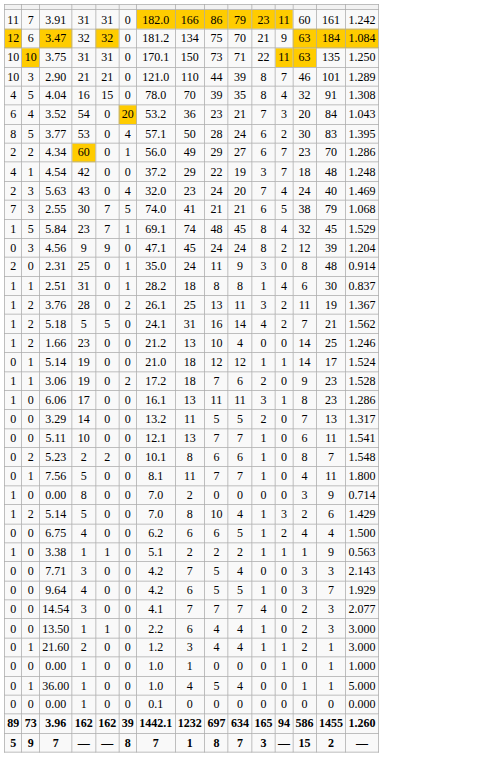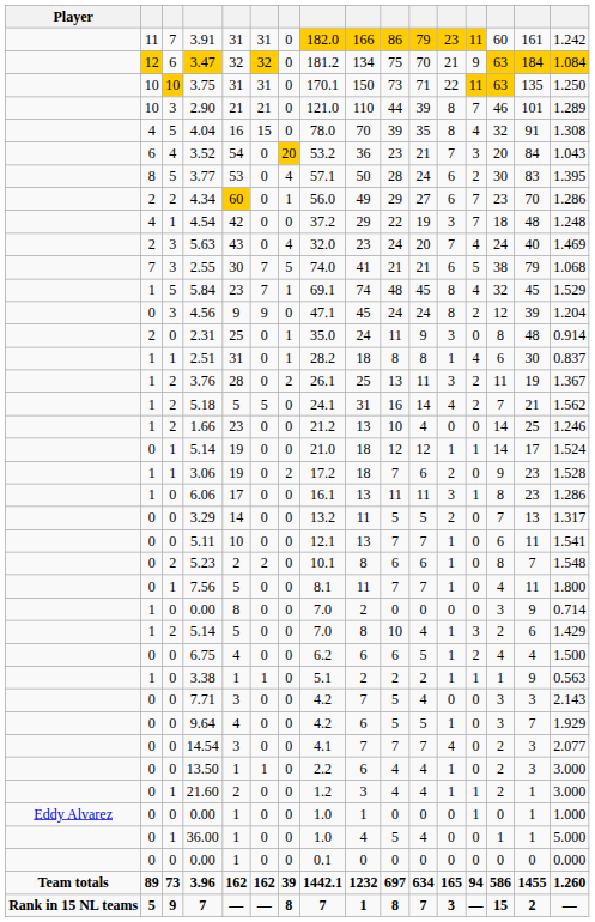 <table class="wikitable sortable">
 <tr>
+<th>Player</th>
 <th></th>
 <th></th>
 <th></th>
 <th></th>
 <th></th>
 <th></th>
 <th></th>
 <th></th>
 <th></th>
 <th></th>
 <th></th>
 <th></th>
 <th></th>
 <th></th>
 <th></th>
 </tr>
 <tr align=center>
+<td></td>
 <td>11</td>
 <td>7</td>
 <td>3.91</td>
 <td>31</td>
 <td>31</td>
 <td>0</td>
 <td bgcolor=#ffcc00>182.0</td>
 <td bgcolor=#ffcc00>166</td>
 <td bgcolor=#ffcc00>86</td>
 <td bgcolor=#ffcc00>79</td>
 <td bgcolor=#ffcc00>23</td>
 <td bgcolor=#ffcc00>11</td>
 <td>60</td>
 <td>161</td>
 <td>1.242</td>
 </tr>
 <tr align=center>
+<td></td>
 <td bgcolor=#ffcc00>12</td>
 <td>6</td>
 <td bgcolor=#ffcc00>3.47</td>
 <td>32</td>
 <td bgcolor=#ffcc00>32</td>
 <td>0</td>
 <td>181.2</td>
 <td>134</td>
 <td>75</td>
 <td>70</td>
 <td>21</td>
 <td>9</td>
 <td bgcolor=#ffcc00>63</td>
 <td bgcolor=#ffcc00>184</td>
 <td bgcolor=ffcc00>1.084</td>
 </tr>
 <tr align=center>
+<td></td>
 <td>10</td>
 <td bgcolor=#ffcc00>10</td>
 <td>3.75</td>
 <td>31</td>
 <td>31</td>
 <td>0</td>
 <td>170.1</td>
 <td>150</td>
 <td>73</td>
 <td>71</td>
 <td>22</td>
 <td bgcolor=#ffcc00>11</td>
 <td bgcolor=#ffcc00>63</td>
 <td>135</td>
 <td>1.250</td>
 </tr>
 <tr align=center>
+<td></td>
 <td>10</td>
 <td>3</td>
 <td>2.90</td>
 <td>21</td>
 <td>21</td>
 <td>0</td>
 <td>121.0</td>
 <td>110</td>
 <td>44</td>
 <td>39</td>
 <td>8</td>
 <td>7</td>
 <td>46</td>
 <td>101</td>
 <td>1.289</td>
 </tr>
 <tr align=center>
+<td></td>
 <td>4</td>
 <td>5</td>
 <td>4.04</td>
 <td>16</td>
 <td>15</td>
 <td>0</td>
 <td>78.0</td>
 <td>70</td>
 <td>39</td>
 <td>35</td>
 <td>8</td>
 <td>4</td>
 <td>32</td>
 <td>91</td>
 <td>1.308</td>
 </tr>
 <tr align=center>
+<td></td>
 <td>6</td>
 <td>4</td>
 <td>3.52</td>
 <td>54</td>
 <td>0</td>
 <td bgcolor=#ffcc00>20</td>
 <td>53.2</td>
 <td>36</td>
 <td>23</td>
 <td>21</td>
 <td>7</td>
 <td>3</td>
 <td>20</td>
 <td>84</td>
 <td>1.043</td>
 </tr>
 <tr align=center>
+<td></td>
 <td>8</td>
 <td>5</td>
 <td>3.77</td>
 <td>53</td>
 <td>0</td>
 <td>4</td>
 <td>57.1</td>
 <td>50</td>
 <td>28</td>
 <td>24</td>
 <td>6</td>
 <td>2</td>
 <td>30</td>
 <td>83</td>
 <td>1.395</td>
 </tr>
 <tr align=center>
+<td></td>
 <td>2</td>
 <td>2</td>
 <td>4.34</td>
 <td bgcolor=#ffcc00>60</td>
 <td>0</td>
 <td>1</td>
 <td>56.0</td>
 <td>49</td>
 <td>29</td>
 <td>27</td>
 <td>6</td>
 <td>7</td>
 <td>23</td>
 <td>70</td>
 <td>1.286</td>
 </tr>
 <tr align=center>
+<td></td>
 <td>4</td>
 <td>1</td>
 <td>4.54</td>
 <td>42</td>
 <td>0</td>
 <td>0</td>
 <td>37.2</td>
 <td>29</td>
 <td>22</td>
 <td>19</td>
 <td>3</td>
 <td>7</td>
 <td>18</td>
 <td>48</td>
 <td>1.248</td>
 </tr>
 <tr align=center>
+<td></td>
 <td>2</td>
 <td>3</td>
 <td>5.63</td>
 <td>43</td>
 <td>0</td>
 <td>4</td>
 <td>32.0</td>
 <td>23</td>
 <td>24</td>
 <td>20</td>
 <td>7</td>
 <td>4</td>
 <td>24</td>
 <td>40</td>
 <td>1.469</td>
 </tr>
 <tr align=center>
+<td></td>
 <td>7</td>
 <td>3</td>
 <td>2.55</td>
 <td>30</td>
 <td>7</td>
 <td>5</td>
 <td>74.0</td>
 <td>41</td>
 <td>21</td>
 <td>21</td>
 <td>6</td>
 <td>5</td>
 <td>38</td>
 <td>79</td>
 <td>1.068</td>
 </tr>
 <tr align=center>
+<td></td>
 <td>1</td>
 <td>5</td>
 <td>5.84</td>
 <td>23</td>
 <td>7</td>
 <td>1</td>
 <td>69.1</td>
 <td>74</td>
 <td>48</td>
 <td>45</td>
 <td>8</td>
 <td>4</td>
 <td>32</td>
 <td>45</td>
 <td>1.529</td>
 </tr>
 <tr align=center>
+<td></td>
 <td>0</td>
 <td>3</td>
 <td>4.56</td>
 <td>9</td>
 <td>9</td>
 <td>0</td>
 <td>47.1</td>
 <td>45</td>
 <td>24</td>
 <td>24</td>
 <td>8</td>
 <td>2</td>
 <td>12</td>
 <td>39</td>
 <td>1.204</td>
 </tr>
 <tr align=center>
+<td></td>
 <td>2</td>
 <td>0</td>
 <td>2.31</td>
 <td>25</td>
 <td>0</td>
 <td>1</td>
 <td>35.0</td>
 <td>24</td>
 <td>11</td>
 <td>9</td>
 <td>3</td>
 <td>0</td>
 <td>8</td>
 <td>48</td>
 <td>0.914</td>
 </tr>
 <tr align=center>
+<td></td>
 <td>1</td>
 <td>1</td>
 <td>2.51</td>
 <td>31</td>
 <td>0</td>
 <td>1</td>
 <td>28.2</td>
 <td>18</td>
 <td>8</td>
 <td>8</td>
 <td>1</td>
 <td>4</td>
 <td>6</td>
 <td>30</td>
 <td>0.837</td>
 </tr>
 <tr align=center>
+<td></td>
 <td>1</td>
 <td>2</td>
 <td>3.76</td>
 <td>28</td>
 <td>0</td>
 <td>2</td>
 <td>26.1</td>
 <td>25</td>
 <td>13</td>
 <td>11</td>
 <td>3</td>
 <td>2</td>
 <td>11</td>
 <td>19</td>
 <td>1.367</td>
 </tr>
 <tr align=center>
+<td></td>
 <td>1</td>
 <td>2</td>
 <td>5.18</td>
 <td>5</td>
 <td>5</td>
 <td>0</td>
 <td>24.1</td>
 <td>31</td>
 <td>16</td>
 <td>14</td>
 <td>4</td>
 <td>2</td>
 <td>7</td>
 <td>21</td>
 <td>1.562</td>
 </tr>
 <tr align=center>
+<td></td>
 <td>1</td>
 <td>2</td>
 <td>1.66</td>
 <td>23</td>
 <td>0</td>
 <td>0</td>
 <td>21.2</td>
 <td>13</td>
 <td>10</td>
 <td>4</td>
 <td>0</td>
 <td>0</td>
 <td>14</td>
 <td>25</td>
 <td>1.246</td>
 </tr>
 <tr align=center>
+<td></td>
 <td>0</td>
 <td>1</td>
 <td>5.14</td>
 <td>19</td>
 <td>0</td>
 <td>0</td>
 <td>21.0</td>
 <td>18</td>
 <td>12</td>
 <td>12</td>
 <td>1</td>
 <td>1</td>
 <td>14</td>
 <td>17</td>
 <td>1.524</td>
 </tr>
 <tr align=center>
+<td></td>
 <td>1</td>
 <td>1</td>
 <td>3.06</td>
 <td>19</td>
 <td>0</td>
 <td>2</td>
 <td>17.2</td>
 <td>18</td>
 <td>7</td>
 <td>6</td>
 <td>2</td>
 <td>0</td>
 <td>9</td>
 <td>23</td>
 <td>1.528</td>
 </tr>
 <tr align=center>
+<td></td>
 <td>1</td>
 <td>0</td>
 <td>6.06</td>
 <td>17</td>
 <td>0</td>
 <td>0</td>
 <td>16.1</td>
 <td>13</td>
 <td>11</td>
 <td>11</td>
 <td>3</td>
 <td>1</td>
 <td>8</td>
 <td>23</td>
 <td>1.286</td>
 </tr>
 <tr align=center>
+<td></td>
 <td>0</td>
 <td>0</td>
 <td>3.29</td>
 <td>14</td>
 <td>0</td>
 <td>0</td>
 <td>13.2</td>
 <td>11</td>
 <td>5</td>
 <td>5</td>
 <td>2</td>
 <td>0</td>
 <td>7</td>
 <td>13</td>
 <td>1.317</td>
 </tr>
 <tr align=center>
+<td></td>
 <td>0</td>
 <td>0</td>
 <td>5.11</td>
 <td>10</td>
 <td>0</td>
 <td>0</td>
 <td>12.1</td>
 <td>13</td>
 <td>7</td>
 <td>7</td>
 <td>1</td>
 <td>0</td>
 <td>6</td>
 <td>11</td>
 <td>1.541</td>
 </tr>
 <tr align=center>
+<td></td>
 <td>0</td>
 <td>2</td>
 <td>5.23</td>
 <td>2</td>
 <td>2</td>
 <td>0</td>
 <td>10.1</td>
 <td>8</td>
 <td>6</td>
 <td>6</td>
 <td>1</td>
 <td>0</td>
 <td>8</td>
 <td>7</td>
 <td>1.548</td>
 </tr>
 <tr align=center>
+<td></td>
 <td>0</td>
 <td>1</td>
 <td>7.56</td>
 <td>5</td>
 <td>0</td>
 <td>0</td>
 <td>8.1</td>
 <td>11</td>
 <td>7</td>
 <td>7</td>
 <td>1</td>
 <td>0</td>
 <td>4</td>
 <td>11</td>
 <td>1.800</td>
 </tr>
 <tr align=center>
+<td></td>
 <td>1</td>
 <td>0</td>
 <td>0.00</td>
 <td>8</td>
 <td>0</td>
 <td>0</td>
 <td>7.0</td>
 <td>2</td>
 <td>0</td>
 <td>0</td>
 <td>0</td>
 <td>0</td>
 <td>3</td>
 <td>9</td>
 <td>0.714</td>
 </tr>
 <tr align=center>
+<td></td>
 <td>1</td>
 <td>2</td>
 <td>5.14</td>
 <td>5</td>
 <td>0</td>
 <td>0</td>
 <td>7.0</td>
 <td>8</td>
 <td>10</td>
 <td>4</td>
 <td>1</td>
 <td>3</td>
 <td>2</td>
 <td>6</td>
 <td>1.429</td>
 </tr>
 <tr align=center>
+<td></td>
 <td>0</td>
 <td>0</td>
 <td>6.75</td>
 <td>4</td>
 <td>0</td>
 <td>0</td>
 <td>6.2</td>
 <td>6</td>
 <td>6</td>
 <td>5</td>
 <td>1</td>
 <td>2</td>
 <td>4</td>
 <td>4</td>
 <td>1.500</td>
 </tr>
 <tr align=center>
+<td></td>
 <td>1</td>
 <td>0</td>
 <td>3.38</td>
 <td>1</td>
 <td>1</td>
 <td>0</td>
 <td>5.1</td>
 <td>2</td>
 <td>2</td>
 <td>2</td>
 <td>1</td>
 <td>1</td>
 <td>1</td>
 <td>9</td>
 <td>0.563</td>
 </tr>
 <tr align=center>
+<td></td>
 <td>0</td>
 <td>0</td>
 <td>7.71</td>
 <td>3</td>
 <td>0</td>
 <td>0</td>
 <td>4.2</td>
 <td>7</td>
 <td>5</td>
 <td>4</td>
 <td>0</td>
 <td>0</td>
 <td>3</td>
 <td>3</td>
 <td>2.143</td>
 </tr>
 <tr align=center>
+<td></td>
 <td>0</td>
 <td>0</td>
 <td>9.64</td>
 <td>4</td>
 <td>0</td>
 <td>0</td>
 <td>4.2</td>
 <td>6</td>
 <td>5</td>
 <td>5</td>
 <td>1</td>
 <td>0</td>
 <td>3</td>
 <td>7</td>
 <td>1.929</td>
 </tr>
 <tr align=center>
+<td></td>
 <td>0</td>
 <td>0</td>
 <td>14.54</td>
 <td>3</td>
 <td>0</td>
 <td>0</td>
 <td>4.1</td>
 <td>7</td>
 <td>7</td>
 <td>7</td>
 <td>4</td>
 <td>0</td>
 <td>2</td>
 <td>3</td>
 <td>2.077</td>
 </tr>
 <tr align=center>
+<td></td>
 <td>0</td>
 <td>0</td>
 <td>13.50</td>
 <td>1</td>
 <td>1</td>
 <td>0</td>
 <td>2.2</td>
 <td>6</td>
 <td>4</td>
 <td>4</td>
 <td>1</td>
 <td>0</td>
 <td>2</td>
 <td>3</td>
 <td>3.000</td>
 </tr>
 <tr align=center>
+<td></td>
 <td>0</td>
 <td>1</td>
 <td>21.60</td>
 <td>2</td>
 <td>0</td>
 <td>0</td>
 <td>1.2</td>
 <td>3</td>
 <td>4</td>
 <td>4</td>
 <td>1</td>
 <td>1</td>
 <td>2</td>
 <td>1</td>
 <td>3.000</td>
 </tr>
 <tr align=center>
+<td><a href='#'>Eddy Alvarez</a></td>
 <td>0</td>
 <td>0</td>
 <td>0.00</td>
 <td>1</td>
 <td>0</td>
 <td>0</td>
 <td>1.0</td>
 <td>1</td>
 <td>0</td>
 <td>0</td>
 <td>0</td>
 <td>1</td>
 <td>0</td>
 <td>1</td>
 <td>1.000</td>
 </tr>
 <tr align=center>
+<td></td>
 <td>0</td>
 <td>1</td>
 <td>36.00</td>
 <td>1</td>
 <td>0</td>
 <td>0</td>
 <td>1.0</td>
 <td>4</td>
 <td>5</td>
 <td>4</td>
 <td>0</td>
 <td>0</td>
 <td>1</td>
 <td>1</td>
 <td>5.000</td>
 </tr>
 <tr align=center>
+<td></td>
 <td>0</td>
 <td>0</td>
 <td>0.00</td>
 <td>1</td>
 <td>0</td>
 <td>0</td>
 <td>0.1</td>
 <td>0</td>
 <td>0</td>
 <td>0</td>
 <td>0</td>
 <td>0</td>
 <td>0</td>
 <td>0</td>
 <td>0.000</td>
 </tr>
 <tr align=center>
+<td><strong>Team totals</strong></td>
 <td><strong>89</strong></td>
 <td><strong>73</strong></td>
 <td><strong>3.96</strong></td>
 <td><strong>162</strong></td>
 <td><strong>162</strong></td>
 <td><strong>39</strong></td>
 <td><strong>1442.1</strong></td>
 <td><strong>1232</strong></td>
 <td><strong>697</strong></td>
 <td><strong>634</strong></td>
 <td><strong>165</strong></td>
 <td><strong>94</strong></td>
 <td><strong>586</strong></td>
 <td><strong>1455</strong></td>
 <td><strong>1.260</strong></td>
 </tr>
 <tr align=center>
+<td><strong>Rank in 15 NL teams</strong></td>
 <td><strong>5</strong></td>
 <td><strong>9</strong></td>
 <td><strong>7</strong></td>
 <td><strong>—</strong></td>
 <td><strong>—</strong></td>
 <td><strong>8</strong></td>
 <td><strong>7</strong></td>
 <td><strong>1</strong></td>
 <td><strong>8</strong></td>
 <td><strong>7</strong></td>
 <td><strong>3</strong></td>
 <td><strong>—</strong></td>
 <td><strong>15</strong></td>
 <td><strong>2</strong></td>
 <td><strong>—</strong></td>
 </tr>
 </table>
